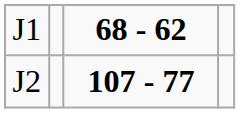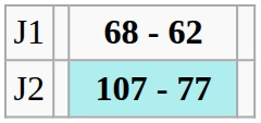 <table class="wikitable" style="text-align:center">
 <tr>
 <td align="left">J1</td>
 <td align="left"></td>
 <td width="70px"><strong>68 - 62</strong></td>
 <td align="left"></td>
 </tr>
 <tr>
 <td align="left">J2</td>
 <td align="left"></td>
-<td width="70px"><strong>107 - 77</strong></td>
+<td width="70px" style="background: paleturquoise;"><strong>107 - 77</strong></td>
 <td align="left"></td>
 </tr>
 </table>
